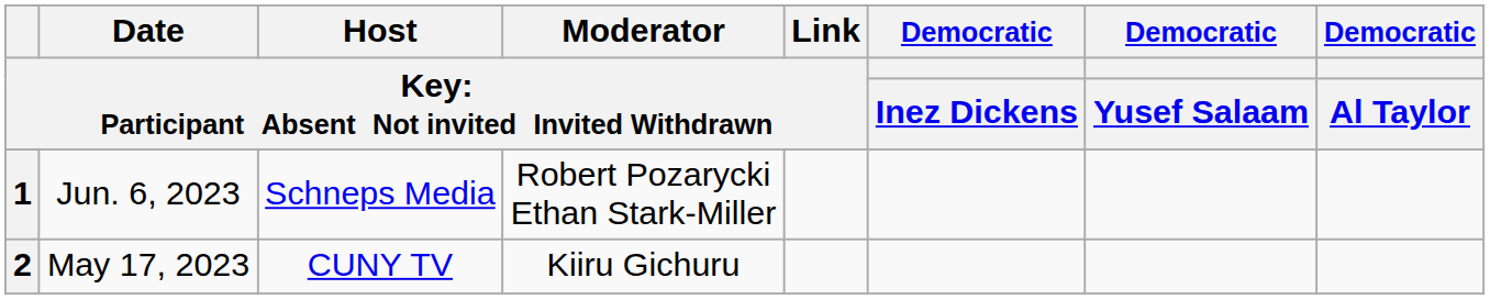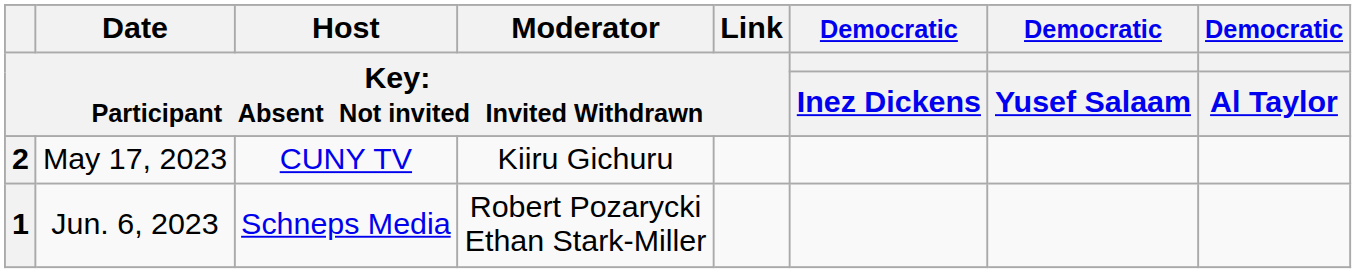 <table class="wikitable" style="text-align:center;">
 <tr>
 <th scope="col"></th>
 <th scope="col">Date</th>
 <th scope="col">Host</th>
 <th scope="col">Moderator</th>
 <th scope="col">Link</th>
 <th scope="col"><small><a href='#'>Democratic</a></small></th>
 <th scope="col"><small><a href='#'>Democratic</a></small></th>
 <th scope="col"><small><a href='#'>Democratic</a></small></th>
 </tr>
 <tr>
 <th colspan="5" rowspan="2">Key:<br> <small>Participant </small>  <small>Absent </small>  <small>Not invited </small>  <small>Invited  Withdrawn</small></th>
 <th scope="col" style="background:"></th>
 <th scope="col" style="background:"></th>
 <th scope="col" style="background:"></th>
 </tr>
 <tr>
 <th scope="col"><a href='#'>Inez Dickens</a></th>
 <th scope="col"><a href='#'>Yusef Salaam</a></th>
 <th scope="col"><a href='#'>Al Taylor</a></th>
 </tr>
 <tr>
+<th>2</th>
+<td style="white-space:nowrap;">May 17, 2023</td>
+<td style="white-space:nowrap;"><a href='#'>CUNY TV</a></td>
+<td style="white-space:nowrap;">Kiiru Gichuru</td>
+<td style="white-space:nowrap;"></td>
+<td></td>
+<td></td>
+<td></td>
+</tr>
+<tr>
 <th>1</th>
 <td style="white-space:nowrap;">Jun. 6, 2023</td>
 <td style="white-space:nowrap;"><a href='#'>Schneps Media</a></td>
 <td style="white-space:nowrap;">Robert Pozarycki<br>Ethan Stark-Miller</td>
 <td style="white-space:nowrap;"></td>
 <td></td>
 <td></td>
 <td></td>
 </tr>
-<tr>
-<th>2</th>
-<td style="white-space:nowrap;">May 17, 2023</td>
-<td style="white-space:nowrap;"><a href='#'>CUNY TV</a></td>
-<td style="white-space:nowrap;">Kiiru Gichuru</td>
-<td style="white-space:nowrap;"></td>
-<td></td>
-<td></td>
-<td></td>
-</tr>
 </table>
